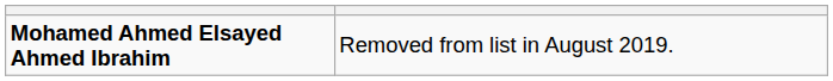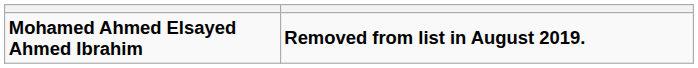 <table class="wikitable" border="1" align="center" width="600px">
 <tr>
 <th width="40%"></th>
 <th width="60%"></th>
 </tr>
 <tr>
 <td><strong>Mohamed Ahmed Elsayed Ahmed Ibrahim</strong></td>
-<td>Removed from list in August 2019.</td>
+<td><strong>Removed from list in August 2019.</strong></td>
 </tr>
 </table>
